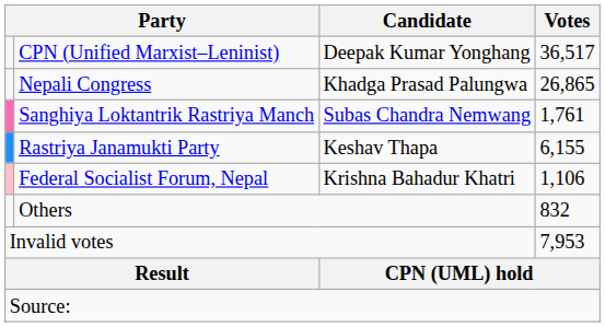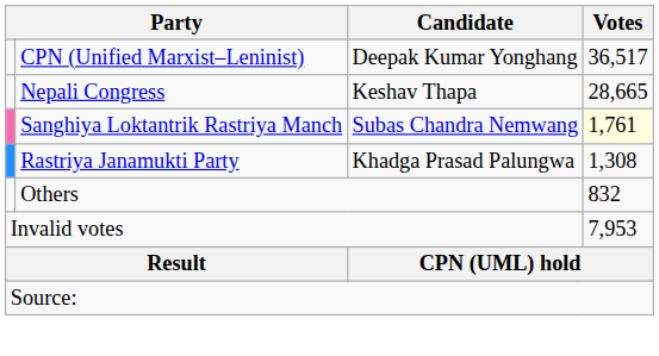 <table class="wikitable">
 <tr>
 <th colspan="2">Party</th>
 <th>Candidate</th>
 <th>Votes</th>
 </tr>
 <tr>
 <td style="background-color:"></td>
 <td><a href='#'>CPN (Unified Marxist–Leninist)</a></td>
 <td>Deepak Kumar Yonghang</td>
 <td>36,517</td>
 </tr>
 <tr>
 <td style="background-color:"></td>
 <td><a href='#'>Nepali Congress</a></td>
-<td>Khadga Prasad Palungwa</td>
-<td>26,865</td>
+<td>Keshav Thapa</td>
+<td>28,665</td>
 </tr>
 <tr>
 <td style="background-color:hotpink"></td>
 <td><a href='#'>Sanghiya Loktantrik Rastriya Manch</a></td>
 <td><a href='#'>Subas Chandra Nemwang</a></td>
-<td>1,761</td>
+<td style="background: lightyellow;">1,761</td>
 </tr>
 <tr>
 <td style="background-color:dodgerblue"></td>
 <td><a href='#'>Rastriya Janamukti Party</a></td>
-<td>Keshav Thapa</td>
-<td>6,155</td>
-</tr>
-<tr>
-<td style="background-color:pink"></td>
-<td><a href='#'>Federal Socialist Forum, Nepal</a></td>
-<td>Krishna Bahadur Khatri</td>
-<td>1,106</td>
+<td>Khadga Prasad Palungwa</td>
+<td>1,308</td>
 </tr>
 <tr>
 <td></td>
 <td colspan="2">Others</td>
 <td>832</td>
 </tr>
 <tr>
 <td colspan="3">Invalid votes</td>
 <td>7,953</td>
 </tr>
 <tr>
 <th colspan="2">Result</th>
 <th colspan="2">CPN (UML) hold</th>
 </tr>
 <tr>
 <td colspan="4">Source: </td>
 </tr>
 </table>
